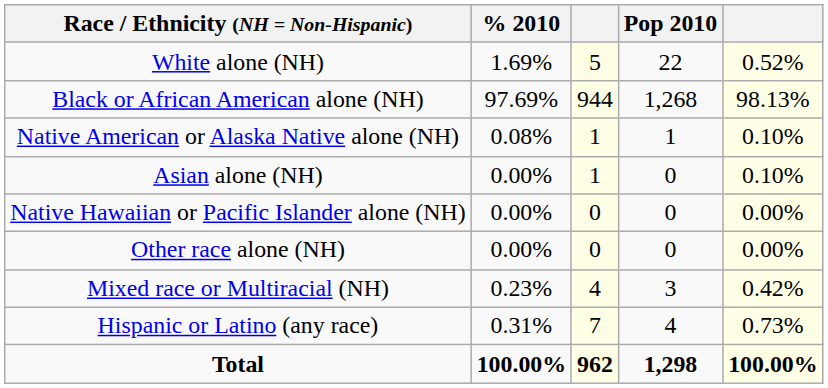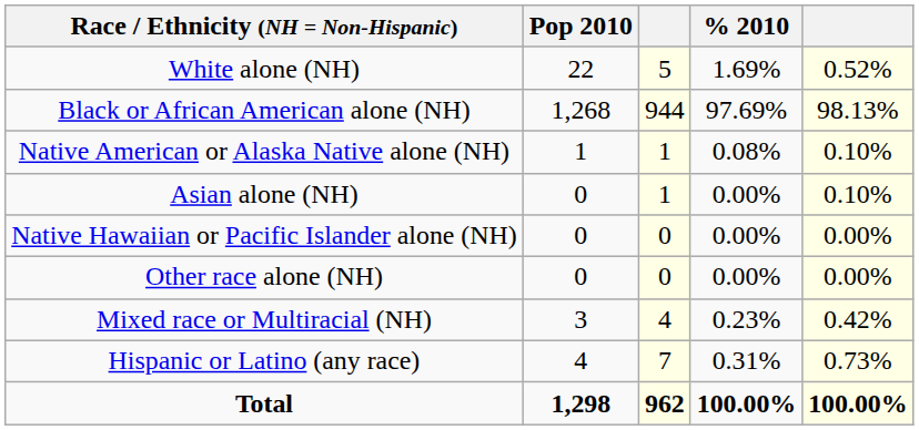 <table class="wikitable" style="text-align:center;">
 <tr>
 <th>Race / Ethnicity <small>(<em>NH = Non-Hispanic</em>)</small></th>
+<th>Pop 2010</th>
+<th></th>
 <th>% 2010</th>
-<th></th>
-<th>Pop 2010</th>
 <th></th>
 </tr>
 <tr>
 <td><a href='#'>White</a> alone (NH)</td>
+<td>22</td>
+<td style='background: #ffffe6;'>5</td>
 <td>1.69%</td>
-<td style='background: #ffffe6;'>5</td>
-<td>22</td>
 <td style='background: #ffffe6;'>0.52%</td>
 </tr>
 <tr>
 <td><a href='#'>Black or African American</a> alone (NH)</td>
+<td>1,268</td>
+<td style='background: #ffffe6;'>944</td>
 <td>97.69%</td>
-<td style='background: #ffffe6;'>944</td>
-<td>1,268</td>
 <td style='background: #ffffe6;'>98.13%</td>
 </tr>
 <tr>
 <td><a href='#'>Native American</a> or <a href='#'>Alaska Native</a> alone (NH)</td>
+<td>1</td>
+<td style='background: #ffffe6;'>1</td>
 <td>0.08%</td>
-<td style='background: #ffffe6;'>1</td>
-<td>1</td>
 <td style='background: #ffffe6;'>0.10%</td>
 </tr>
 <tr>
 <td><a href='#'>Asian</a> alone (NH)</td>
+<td>0</td>
+<td style='background: #ffffe6;'>1</td>
 <td>0.00%</td>
-<td style='background: #ffffe6;'>1</td>
-<td>0</td>
 <td style='background: #ffffe6;'>0.10%</td>
 </tr>
 <tr>
 <td><a href='#'>Native Hawaiian</a> or <a href='#'>Pacific Islander</a> alone (NH)</td>
+<td>0</td>
+<td style='background: #ffffe6;'>0</td>
 <td>0.00%</td>
-<td style='background: #ffffe6;'>0</td>
-<td>0</td>
 <td style='background: #ffffe6;'>0.00%</td>
 </tr>
 <tr>
 <td><a href='#'>Other race</a> alone (NH)</td>
+<td>0</td>
+<td style='background: #ffffe6;'>0</td>
 <td>0.00%</td>
-<td style='background: #ffffe6;'>0</td>
-<td>0</td>
 <td style='background: #ffffe6;'>0.00%</td>
 </tr>
 <tr>
 <td><a href='#'>Mixed race or Multiracial</a> (NH)</td>
+<td>3</td>
+<td style='background: #ffffe6;'>4</td>
 <td>0.23%</td>
-<td style='background: #ffffe6;'>4</td>
-<td>3</td>
 <td style='background: #ffffe6;'>0.42%</td>
 </tr>
 <tr>
 <td><a href='#'>Hispanic or Latino</a> (any race)</td>
+<td>4</td>
+<td style='background: #ffffe6;'>7</td>
 <td>0.31%</td>
-<td style='background: #ffffe6;'>7</td>
-<td>4</td>
 <td style='background: #ffffe6;'>0.73%</td>
 </tr>
 <tr>
 <td><strong>Total</strong></td>
+<td><strong>1,298</strong></td>
+<td style='background: #ffffe6;'><strong>962</strong></td>
 <td><strong>100.00%</strong></td>
-<td style='background: #ffffe6;'><strong>962</strong></td>
-<td><strong>1,298</strong></td>
 <td style='background: #ffffe6;'><strong>100.00%</strong></td>
 </tr>
 </table>
